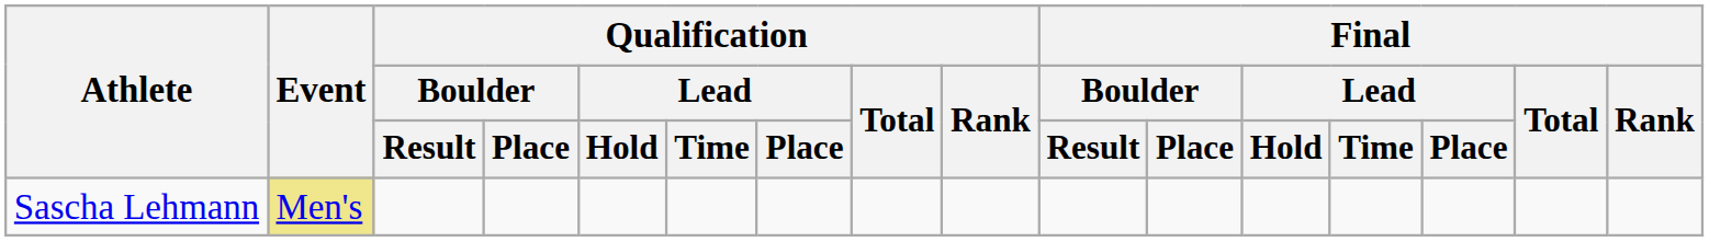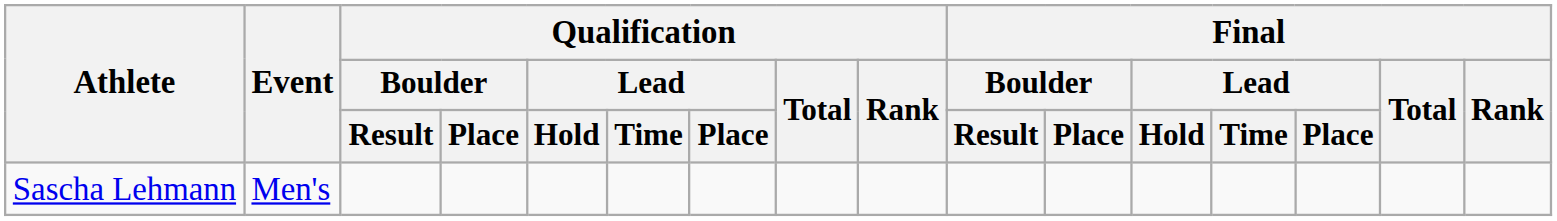 <table class="wikitable" style="font-size:90%">
 <tr>
 <th rowspan="3">Athlete</th>
 <th rowspan="3">Event</th>
 <th colspan="7">Qualification</th>
 <th colspan="7">Final</th>
 </tr>
 <tr style="font-size: 95%">
 <th colspan="2">Boulder</th>
 <th colspan="3">Lead</th>
 <th rowspan="2">Total</th>
 <th rowspan="2">Rank</th>
 <th colspan="2">Boulder</th>
 <th colspan="3">Lead</th>
 <th rowspan="2">Total</th>
 <th rowspan="2">Rank</th>
 </tr>
 <tr style="font-size: 95%">
 <th>Result</th>
 <th>Place</th>
 <th>Hold</th>
 <th>Time</th>
 <th>Place</th>
 <th>Result</th>
 <th>Place</th>
 <th>Hold</th>
 <th>Time</th>
 <th>Place</th>
 </tr>
 <tr align=center>
 <td align=left><a href='#'>Sascha Lehmann</a></td>
-<td align=left style="background: khaki;"><a href='#'>Men's</a></td>
+<td align=left><a href='#'>Men's</a></td>
 <td></td>
 <td></td>
 <td></td>
 <td></td>
 <td></td>
 <td></td>
 <td></td>
 <td></td>
 <td></td>
 <td></td>
 <td></td>
 <td></td>
 <td></td>
 <td></td>
 </tr>
 </table>
